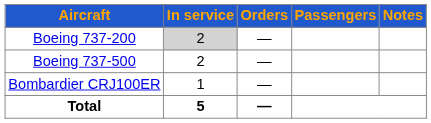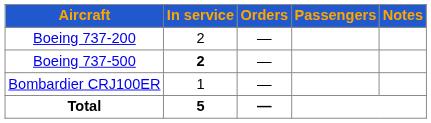 <table class="toccolours" border="1" cellpadding="3" style="border-collapse:collapse;text-align:center;margin:1em auto;">
 <tr style="background-color:#1F59CD;color:orange;">
 <th>Aircraft</th>
 <th>In service</th>
 <th>Orders</th>
 <th>Passengers</th>
 <th>Notes</th>
 </tr>
 <tr>
 <td><a href='#'>Boeing 737-200</a></td>
-<td style="background: lightgrey;">2</td>
+<td>2</td>
 <td>—</td>
 <td></td>
 <td></td>
 </tr>
 <tr>
 <td><a href='#'>Boeing 737-500</a></td>
-<td>2</td>
+<td><strong>2</strong></td>
 <td>—</td>
 <td></td>
 <td></td>
 </tr>
 <tr>
 <td><a href='#'>Bombardier CRJ100ER</a></td>
 <td>1</td>
 <td>—</td>
 <td></td>
 <td></td>
 </tr>
 <tr>
 <th>Total</th>
 <th>5</th>
 <th>—</th>
 <th colspan="4"></th>
 </tr>
 </table>
